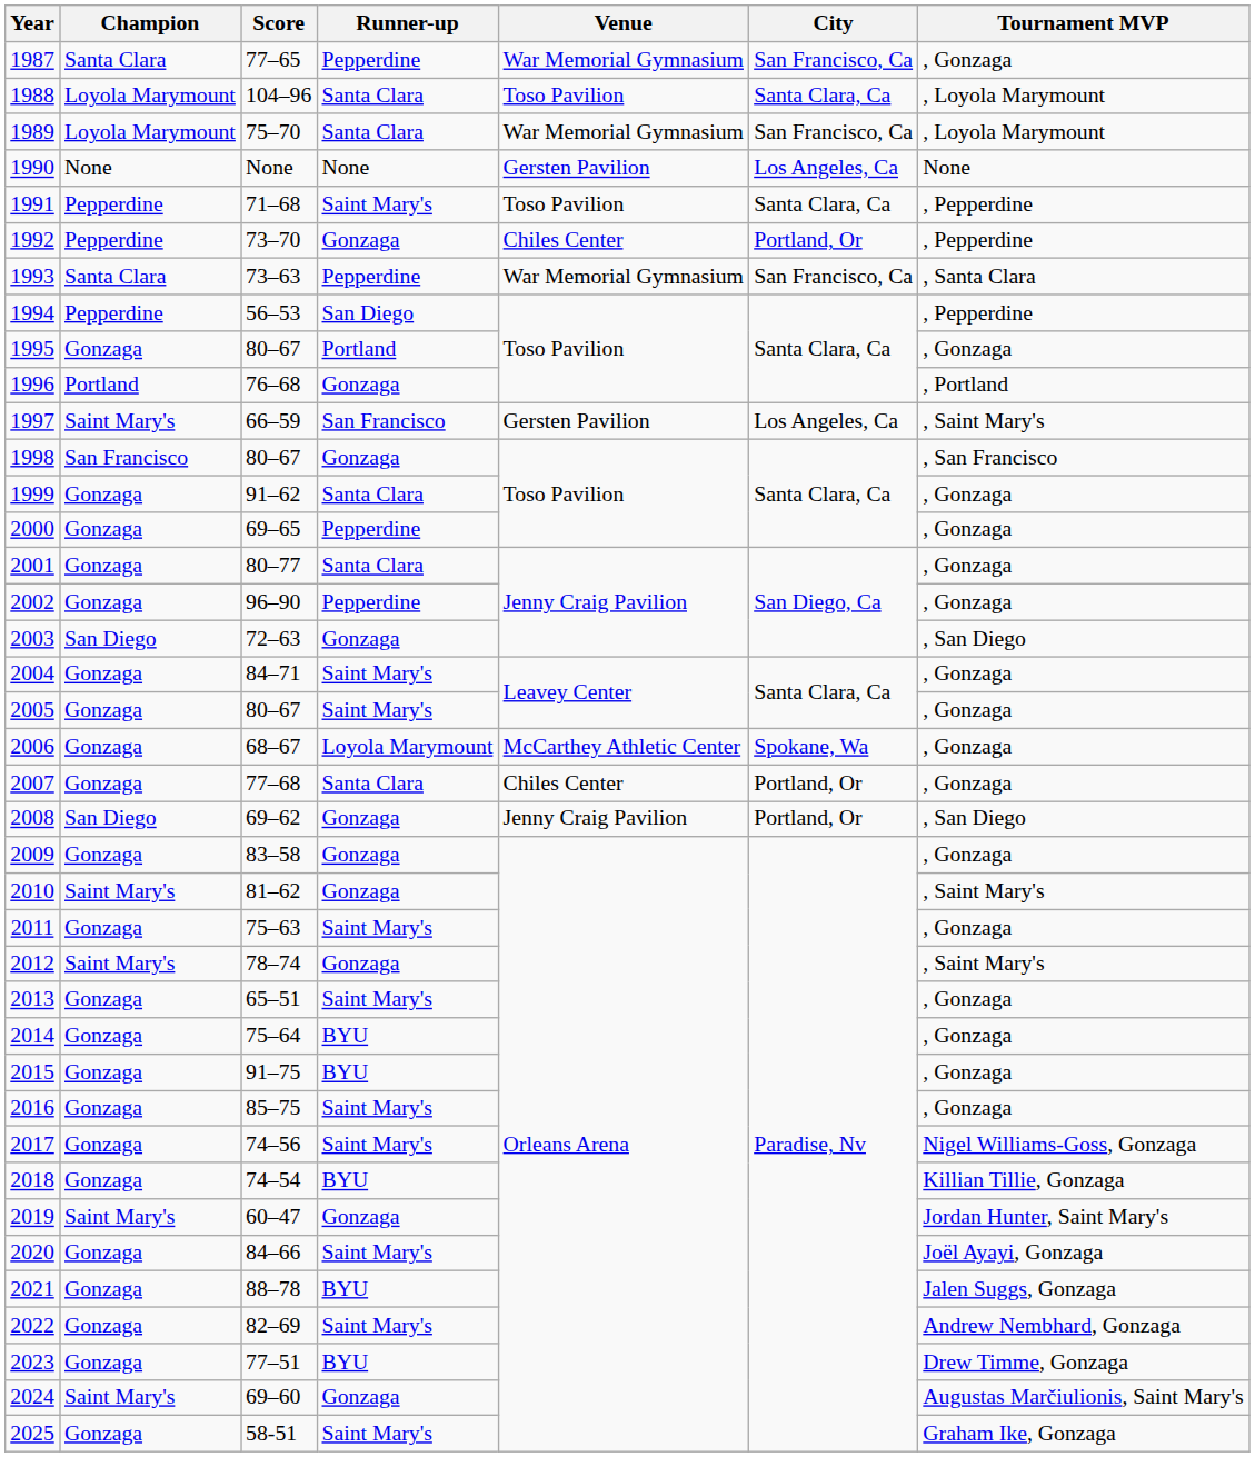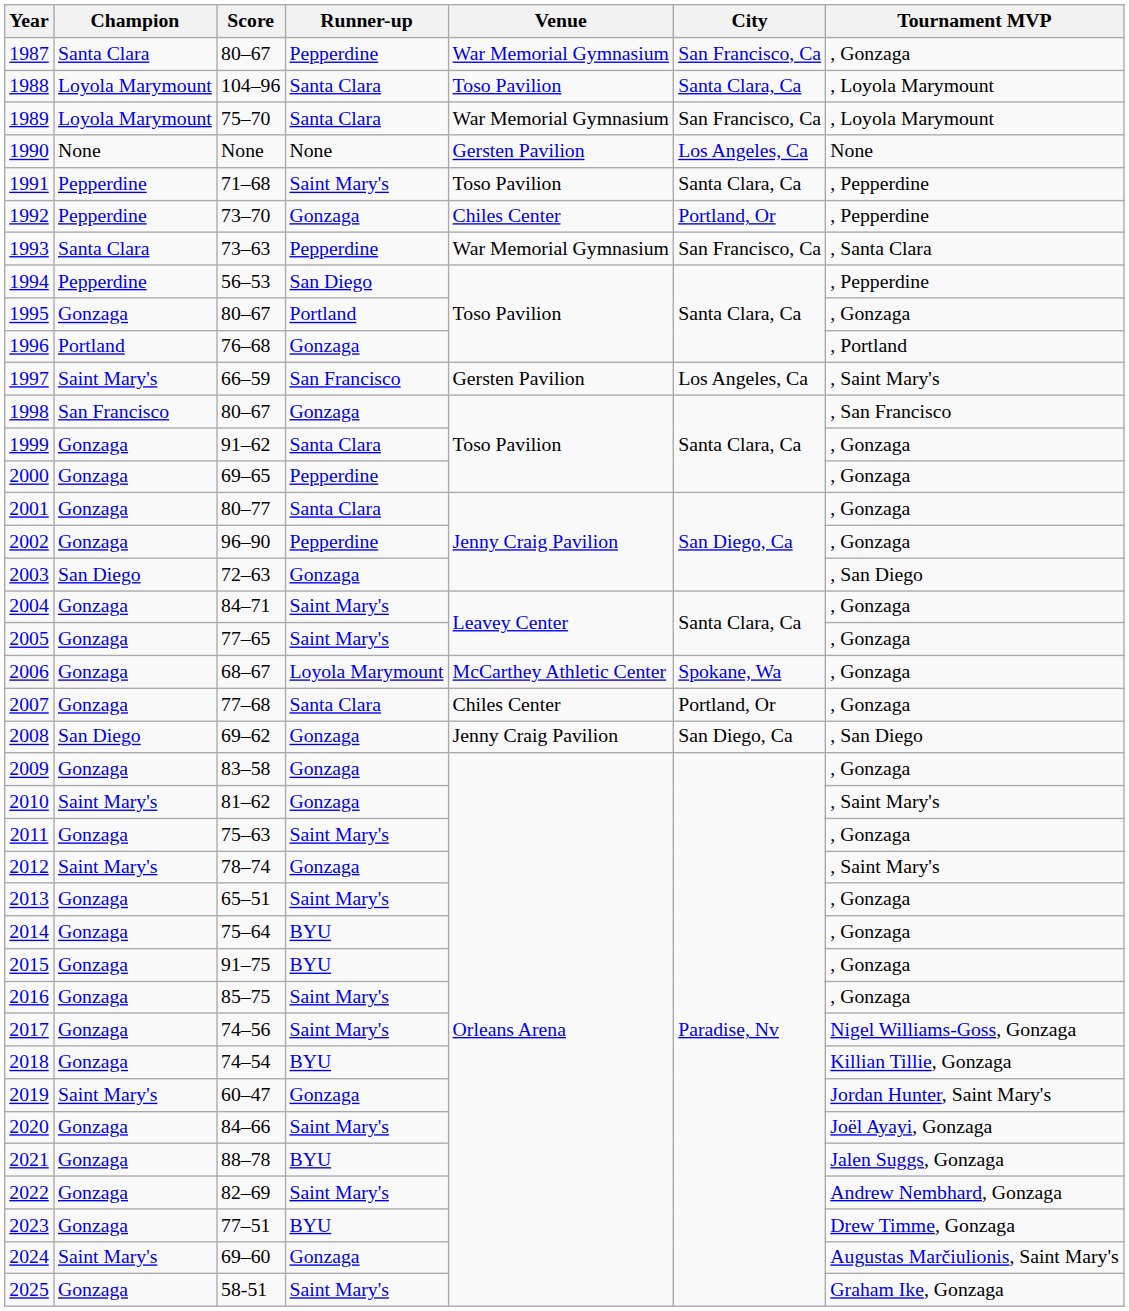 <table class="wikitable sortable" style="font-size:90%">
 <tr>
 <th width=px>Year</th>
 <th width=px>Champion</th>
 <th width=px>Score</th>
 <th width=px>Runner-up</th>
 <th width=px>Venue</th>
 <th width=px>City</th>
 <th width=px>Tournament MVP</th>
 </tr>
 <tr>
 <td align=center><a href='#'>1987</a></td>
 <td><a href='#'>Santa Clara</a></td>
-<td>77–65</td>
+<td>80–67</td>
 <td><a href='#'>Pepperdine</a></td>
 <td><a href='#'>War Memorial Gymnasium</a></td>
 <td><a href='#'>San Francisco, Ca</a></td>
 <td>, Gonzaga</td>
 </tr>
 <tr>
 <td align=center><a href='#'>1988</a></td>
 <td><a href='#'>Loyola Marymount</a></td>
 <td>104–96</td>
 <td><a href='#'>Santa Clara</a></td>
 <td><a href='#'>Toso Pavilion</a></td>
 <td><a href='#'>Santa Clara, Ca</a></td>
 <td>, Loyola Marymount</td>
 </tr>
 <tr>
 <td align=center><a href='#'>1989</a></td>
 <td><a href='#'>Loyola Marymount</a></td>
 <td>75–70 </td>
 <td><a href='#'>Santa Clara</a></td>
 <td>War Memorial Gymnasium</td>
 <td>San Francisco, Ca</td>
 <td>, Loyola Marymount</td>
 </tr>
 <tr>
 <td align=center><a href='#'>1990</a></td>
 <td>None </td>
 <td>None</td>
 <td>None</td>
 <td><a href='#'>Gersten Pavilion</a></td>
 <td><a href='#'>Los Angeles, Ca</a></td>
 <td>None</td>
 </tr>
 <tr>
 <td align=center><a href='#'>1991</a></td>
 <td><a href='#'>Pepperdine</a></td>
 <td>71–68 </td>
 <td><a href='#'>Saint Mary's</a></td>
 <td>Toso Pavilion</td>
 <td>Santa Clara, Ca</td>
 <td>, Pepperdine</td>
 </tr>
 <tr>
 <td align=center><a href='#'>1992</a></td>
 <td><a href='#'>Pepperdine</a></td>
 <td>73–70</td>
 <td><a href='#'>Gonzaga</a></td>
 <td><a href='#'>Chiles Center</a></td>
 <td><a href='#'>Portland, Or</a></td>
 <td>, Pepperdine</td>
 </tr>
 <tr>
 <td align=center><a href='#'>1993</a></td>
 <td><a href='#'>Santa Clara</a></td>
 <td>73–63</td>
 <td><a href='#'>Pepperdine</a></td>
 <td>War Memorial Gymnasium</td>
 <td>San Francisco, Ca</td>
 <td>, Santa Clara</td>
 </tr>
 <tr>
 <td align=center><a href='#'>1994</a></td>
 <td><a href='#'>Pepperdine</a></td>
 <td>56–53</td>
 <td><a href='#'>San Diego</a></td>
 <td rowspan=3>Toso Pavilion</td>
 <td rowspan=3>Santa Clara, Ca</td>
 <td>, Pepperdine</td>
 </tr>
 <tr>
 <td align=center><a href='#'>1995</a></td>
 <td><a href='#'>Gonzaga</a></td>
 <td>80–67</td>
 <td><a href='#'>Portland</a></td>
 <td>, Gonzaga</td>
 </tr>
 <tr>
 <td align=center><a href='#'>1996</a></td>
 <td><a href='#'>Portland</a></td>
 <td>76–68</td>
 <td><a href='#'>Gonzaga</a></td>
 <td>, Portland</td>
 </tr>
 <tr>
 <td align=center><a href='#'>1997</a></td>
 <td><a href='#'>Saint Mary's</a></td>
 <td>66–59</td>
 <td><a href='#'>San Francisco</a></td>
 <td>Gersten Pavilion</td>
 <td>Los Angeles, Ca</td>
 <td>, Saint Mary's</td>
 </tr>
 <tr>
 <td align=center><a href='#'>1998</a></td>
 <td><a href='#'>San Francisco</a></td>
 <td>80–67</td>
 <td><a href='#'>Gonzaga</a></td>
 <td rowspan=3>Toso Pavilion</td>
 <td rowspan=3>Santa Clara, Ca</td>
 <td>, San Francisco</td>
 </tr>
 <tr>
 <td align=center><a href='#'>1999</a></td>
 <td><a href='#'>Gonzaga</a></td>
 <td>91–62</td>
 <td><a href='#'>Santa Clara</a></td>
 <td>, Gonzaga</td>
 </tr>
 <tr>
 <td align=center><a href='#'>2000</a></td>
 <td><a href='#'>Gonzaga</a></td>
 <td>69–65 </td>
 <td><a href='#'>Pepperdine</a></td>
 <td>, Gonzaga</td>
 </tr>
 <tr>
 <td align=center><a href='#'>2001</a></td>
 <td><a href='#'>Gonzaga</a></td>
 <td>80–77</td>
 <td><a href='#'>Santa Clara</a></td>
 <td rowspan=3><a href='#'>Jenny Craig Pavilion</a></td>
 <td rowspan=3><a href='#'>San Diego, Ca</a></td>
 <td>, Gonzaga</td>
 </tr>
 <tr>
 <td align=center><a href='#'>2002</a></td>
 <td><a href='#'>Gonzaga</a></td>
 <td>96–90</td>
 <td><a href='#'>Pepperdine</a></td>
 <td>, Gonzaga </td>
 </tr>
 <tr>
 <td align=center><a href='#'>2003</a></td>
 <td><a href='#'>San Diego</a></td>
 <td>72–63</td>
 <td><a href='#'>Gonzaga</a></td>
 <td>, San Diego </td>
 </tr>
 <tr>
 <td align=center><a href='#'>2004</a></td>
 <td><a href='#'>Gonzaga</a></td>
 <td>84–71</td>
 <td><a href='#'>Saint Mary's</a></td>
 <td rowspan=2><a href='#'>Leavey Center</a></td>
 <td rowspan=2>Santa Clara, Ca</td>
 <td>, Gonzaga </td>
 </tr>
 <tr>
 <td align=center><a href='#'>2005</a></td>
 <td><a href='#'>Gonzaga</a></td>
-<td>80–67</td>
+<td>77–65</td>
 <td><a href='#'>Saint Mary's</a></td>
 <td>, Gonzaga </td>
 </tr>
 <tr>
 <td align=center><a href='#'>2006</a></td>
 <td><a href='#'>Gonzaga</a></td>
 <td>68–67</td>
 <td><a href='#'>Loyola Marymount</a></td>
 <td><a href='#'>McCarthey Athletic Center</a></td>
 <td><a href='#'>Spokane, Wa</a></td>
 <td>, Gonzaga </td>
 </tr>
 <tr>
 <td align=center><a href='#'>2007</a></td>
 <td><a href='#'>Gonzaga</a></td>
 <td>77–68</td>
 <td><a href='#'>Santa Clara</a></td>
 <td>Chiles Center</td>
 <td>Portland, Or</td>
 <td>, Gonzaga </td>
 </tr>
 <tr>
 <td align=center><a href='#'>2008</a></td>
 <td><a href='#'>San Diego</a></td>
 <td>69–62</td>
 <td><a href='#'>Gonzaga</a></td>
 <td>Jenny Craig Pavilion</td>
-<td>Portland, Or</td>
+<td>San Diego, Ca</td>
 <td>, San Diego </td>
 </tr>
 <tr>
 <td align=center><a href='#'>2009</a></td>
 <td><a href='#'>Gonzaga</a></td>
 <td>83–58</td>
 <td><a href='#'>Gonzaga</a></td>
 <td rowspan=17><a href='#'>Orleans Arena</a></td>
 <td rowspan=17><a href='#'>Paradise, Nv</a></td>
 <td>, Gonzaga </td>
 </tr>
 <tr>
 <td align=center><a href='#'>2010</a></td>
 <td><a href='#'>Saint Mary's</a></td>
 <td>81–62</td>
 <td><a href='#'>Gonzaga</a></td>
 <td>, Saint Mary's </td>
 </tr>
 <tr>
 <td align=center><a href='#'>2011</a></td>
 <td><a href='#'>Gonzaga</a></td>
 <td>75–63</td>
 <td><a href='#'>Saint Mary's</a></td>
 <td>, Gonzaga </td>
 </tr>
 <tr>
 <td align=center><a href='#'>2012</a></td>
 <td><a href='#'>Saint Mary's</a></td>
 <td>78–74 </td>
 <td><a href='#'>Gonzaga</a></td>
 <td>, Saint Mary's </td>
 </tr>
 <tr>
 <td align=center><a href='#'>2013</a></td>
 <td><a href='#'>Gonzaga</a></td>
 <td>65–51</td>
 <td><a href='#'>Saint Mary's</a></td>
 <td>, Gonzaga </td>
 </tr>
 <tr>
 <td align=center><a href='#'>2014</a></td>
 <td><a href='#'>Gonzaga</a></td>
 <td>75–64</td>
 <td><a href='#'>BYU</a></td>
 <td>, Gonzaga </td>
 </tr>
 <tr>
 <td align=center><a href='#'>2015</a></td>
 <td><a href='#'>Gonzaga</a></td>
 <td>91–75</td>
 <td><a href='#'>BYU</a></td>
 <td>, Gonzaga </td>
 </tr>
 <tr>
 <td align=center><a href='#'>2016</a></td>
 <td><a href='#'>Gonzaga</a></td>
 <td>85–75</td>
 <td><a href='#'>Saint Mary's</a></td>
 <td>, Gonzaga </td>
 </tr>
 <tr>
 <td align=center><a href='#'>2017</a></td>
 <td><a href='#'>Gonzaga</a></td>
 <td>74–56</td>
 <td><a href='#'>Saint Mary's</a></td>
 <td><a href='#'>Nigel Williams-Goss</a>, Gonzaga</td>
 </tr>
 <tr>
 <td align=center><a href='#'>2018</a></td>
 <td><a href='#'>Gonzaga</a></td>
 <td>74–54</td>
 <td><a href='#'>BYU</a></td>
 <td><a href='#'>Killian Tillie</a>, Gonzaga</td>
 </tr>
 <tr>
 <td align=center><a href='#'>2019</a></td>
 <td><a href='#'>Saint Mary's</a></td>
 <td>60–47</td>
 <td><a href='#'>Gonzaga</a></td>
 <td><a href='#'>Jordan Hunter</a>, Saint Mary's</td>
 </tr>
 <tr>
 <td align=center><a href='#'>2020</a></td>
 <td><a href='#'>Gonzaga</a></td>
 <td>84–66</td>
 <td><a href='#'>Saint Mary's</a></td>
 <td><a href='#'>Joël Ayayi</a>, Gonzaga</td>
 </tr>
 <tr>
 <td align=center><a href='#'>2021</a></td>
 <td><a href='#'>Gonzaga</a></td>
 <td>88–78</td>
 <td><a href='#'>BYU</a></td>
 <td><a href='#'>Jalen Suggs</a>, Gonzaga</td>
 </tr>
 <tr>
 <td align=center><a href='#'>2022</a></td>
 <td><a href='#'>Gonzaga</a></td>
 <td>82–69</td>
 <td><a href='#'>Saint Mary's</a></td>
 <td><a href='#'>Andrew Nembhard</a>, Gonzaga</td>
 </tr>
 <tr>
 <td align=center><a href='#'>2023</a></td>
 <td><a href='#'>Gonzaga</a></td>
 <td>77–51</td>
 <td><a href='#'>BYU</a></td>
 <td><a href='#'>Drew Timme</a>, Gonzaga</td>
 </tr>
 <tr>
 <td align=center><a href='#'>2024</a></td>
 <td><a href='#'>Saint Mary's</a></td>
 <td>69–60</td>
 <td><a href='#'>Gonzaga</a></td>
 <td><a href='#'>Augustas Marčiulionis</a>, Saint Mary's</td>
 </tr>
 <tr>
 <td align=center><a href='#'>2025</a></td>
 <td><a href='#'>Gonzaga</a></td>
 <td>58-51</td>
 <td><a href='#'>Saint Mary's</a></td>
 <td><a href='#'>Graham Ike</a>, Gonzaga</td>
 </tr>
 </table>
